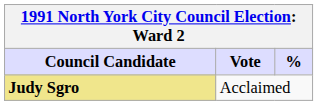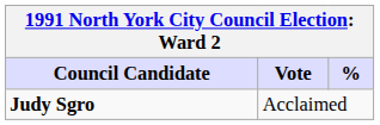 <table class="wikitable sortable">
 <tr>
 <th colspan="3"><a href='#'>1991 North York City Council Election</a>: Ward 2</th>
 </tr>
 <tr>
 <th style="background:#ddf; width:200px;">Council Candidate</th>
 <th style="background:#ddf; width:50px;">Vote</th>
 <th style="background:#ddf; width:30px;">%</th>
 </tr>
 <tr>
-<td style="background: khaki;"><strong>Judy Sgro</strong></td>
+<td><strong>Judy Sgro</strong></td>
 <td colspan="3">Acclaimed</td>
 </tr>
 </table>
